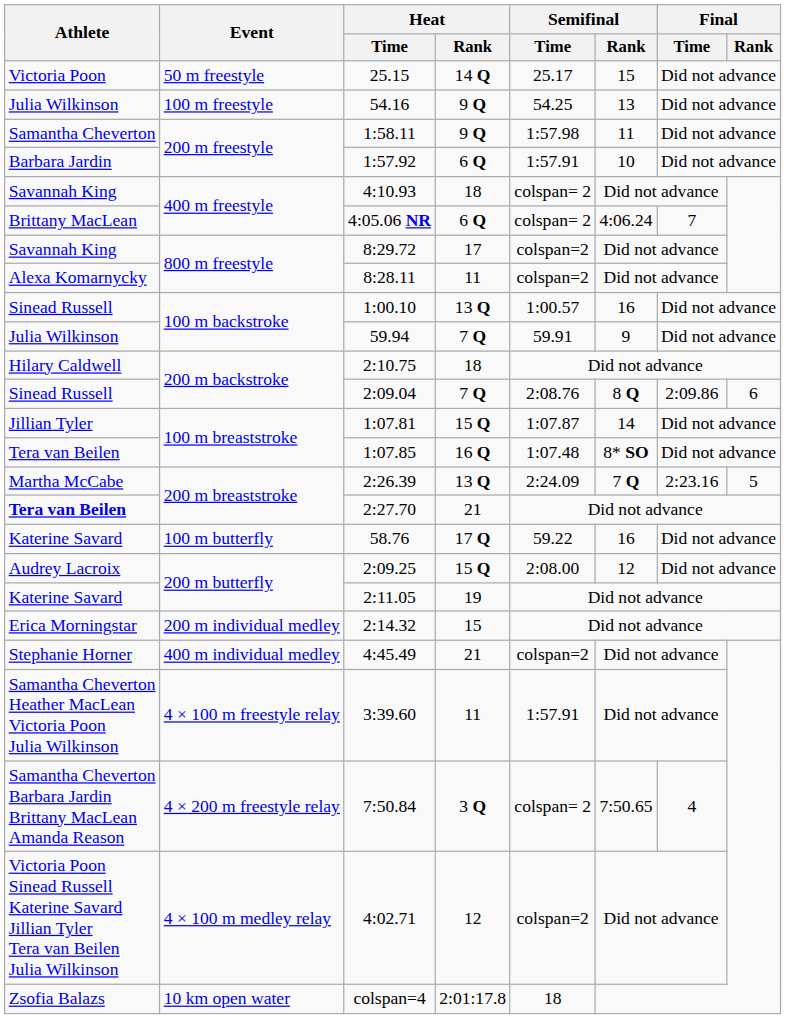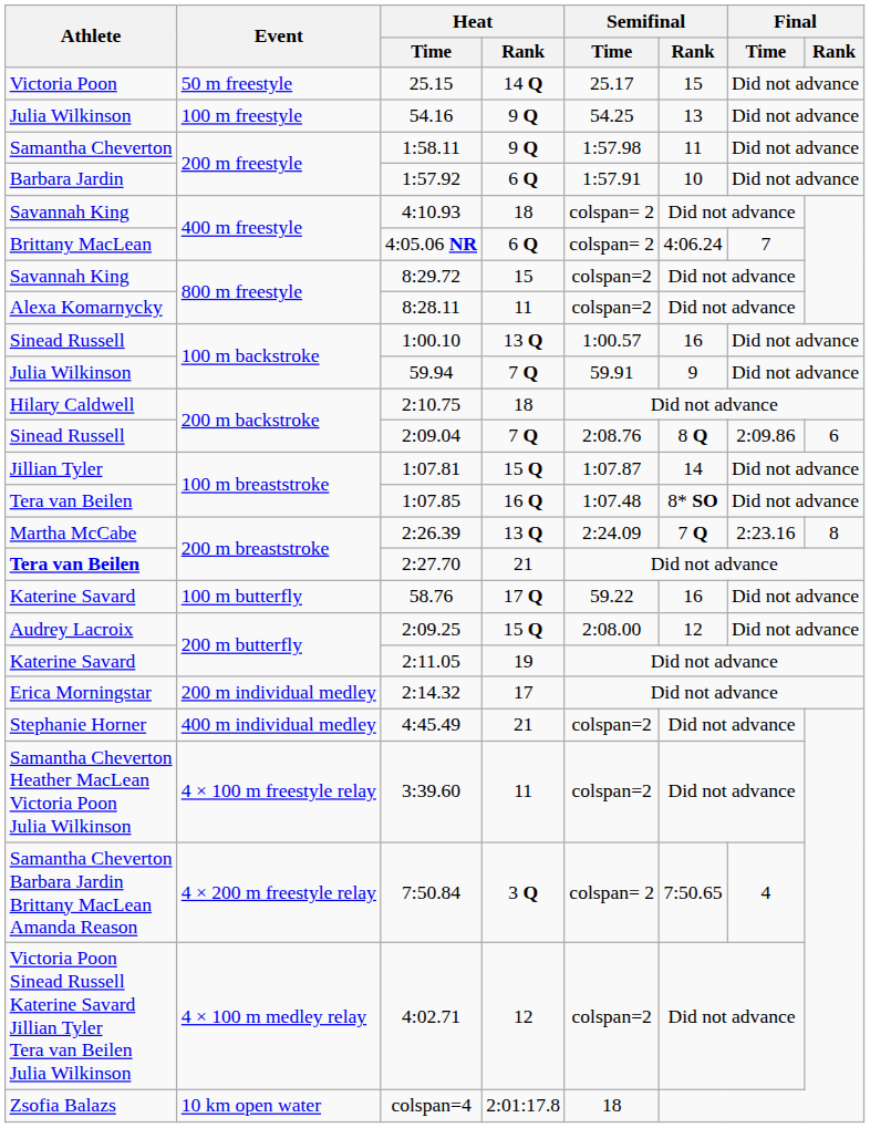 <table class=wikitable style="font-size:90%">
 <tr>
 <th rowspan=2>Athlete</th>
 <th rowspan=2>Event</th>
 <th colspan="2">Heat</th>
 <th colspan="2">Semifinal</th>
 <th colspan="2">Final</th>
 </tr>
 <tr style="font-size:95%">
 <th>Time</th>
 <th>Rank</th>
 <th>Time</th>
 <th>Rank</th>
 <th>Time</th>
 <th>Rank</th>
 </tr>
 <tr align=center>
 <td align=left><a href='#'>Victoria Poon</a></td>
 <td align=left><a href='#'>50 m freestyle</a></td>
 <td>25.15</td>
 <td>14 <strong>Q</strong></td>
 <td>25.17</td>
 <td>15</td>
 <td colspan=2>Did not advance</td>
 </tr>
 <tr align=center>
 <td align=left><a href='#'>Julia Wilkinson</a></td>
 <td align=left><a href='#'>100 m freestyle</a></td>
 <td>54.16</td>
 <td>9 <strong>Q</strong></td>
 <td>54.25</td>
 <td>13</td>
 <td colspan=2>Did not advance</td>
 </tr>
 <tr align=center>
 <td align=left><a href='#'>Samantha Cheverton</a></td>
 <td align=left rowspan=2><a href='#'>200 m freestyle</a></td>
 <td>1:58.11</td>
 <td>9 <strong>Q</strong></td>
 <td>1:57.98</td>
 <td>11</td>
 <td colspan=2>Did not advance</td>
 </tr>
 <tr align=center>
 <td align=left><a href='#'>Barbara Jardin</a></td>
 <td>1:57.92</td>
 <td>6 <strong>Q</strong></td>
 <td>1:57.91</td>
 <td>10</td>
 <td colspan=2>Did not advance</td>
 </tr>
 <tr align=center>
 <td align=left><a href='#'>Savannah King</a></td>
 <td align=left rowspan=2><a href='#'>400 m freestyle</a></td>
 <td>4:10.93</td>
 <td>18</td>
 <td>colspan= 2 </td>
 <td colspan= 2>Did not advance</td>
 </tr>
 <tr align=center>
 <td align=left><a href='#'>Brittany MacLean</a></td>
 <td>4:05.06 <strong><a href='#'>NR</a></strong></td>
 <td>6 <strong>Q</strong></td>
 <td>colspan= 2 </td>
 <td>4:06.24</td>
 <td>7</td>
 </tr>
 <tr align=center>
 <td align=left><a href='#'>Savannah King</a></td>
 <td align=left rowspan=2><a href='#'>800 m freestyle</a></td>
 <td>8:29.72</td>
-<td>17</td>
+<td>15</td>
 <td>colspan=2 </td>
 <td colspan=2>Did not advance</td>
 </tr>
 <tr align=center>
 <td align=left><a href='#'>Alexa Komarnycky</a></td>
 <td>8:28.11</td>
 <td>11</td>
 <td>colspan=2 </td>
 <td colspan=2>Did not advance</td>
 </tr>
 <tr align=center>
 <td align=left><a href='#'>Sinead Russell</a></td>
 <td align=left rowspan=2><a href='#'>100 m backstroke</a></td>
 <td>1:00.10</td>
 <td>13 <strong>Q</strong></td>
 <td>1:00.57</td>
 <td>16</td>
 <td colspan=2>Did not advance</td>
 </tr>
 <tr align=center>
 <td align=left><a href='#'>Julia Wilkinson</a></td>
 <td>59.94</td>
 <td>7 <strong>Q</strong></td>
 <td>59.91</td>
 <td>9</td>
 <td colspan=2>Did not advance</td>
 </tr>
 <tr align=center>
 <td align=left><a href='#'>Hilary Caldwell</a></td>
 <td align=left rowspan=2><a href='#'>200 m backstroke</a></td>
 <td>2:10.75</td>
 <td>18</td>
 <td colspan=4>Did not advance</td>
 </tr>
 <tr align=center>
 <td align=left><a href='#'>Sinead Russell</a></td>
 <td>2:09.04</td>
 <td>7 <strong>Q</strong></td>
 <td>2:08.76</td>
 <td>8 <strong>Q</strong></td>
 <td>2:09.86</td>
 <td>6</td>
 </tr>
 <tr align=center>
 <td align=left><a href='#'>Jillian Tyler</a></td>
 <td align=left rowspan=2><a href='#'>100 m breaststroke</a></td>
 <td>1:07.81</td>
 <td>15 <strong>Q</strong></td>
 <td>1:07.87</td>
 <td>14</td>
 <td colspan=2>Did not advance</td>
 </tr>
 <tr align=center>
 <td align=left><a href='#'>Tera van Beilen</a></td>
 <td>1:07.85</td>
 <td>16 <strong>Q</strong></td>
 <td>1:07.48</td>
 <td>8* <strong>SO</strong></td>
 <td colspan=2>Did not advance</td>
 </tr>
 <tr align=center>
 <td align=left><a href='#'>Martha McCabe</a></td>
 <td align=left rowspan=2><a href='#'>200 m breaststroke</a></td>
 <td>2:26.39</td>
 <td>13 <strong>Q</strong></td>
 <td>2:24.09</td>
 <td>7 <strong>Q</strong></td>
 <td>2:23.16</td>
-<td>5</td>
+<td>8</td>
 </tr>
 <tr align=center>
 <td align=left><strong><a href='#'>Tera van Beilen</a></strong></td>
 <td>2:27.70</td>
 <td>21</td>
 <td colspan=4>Did not advance</td>
 </tr>
 <tr align=center>
 <td align=left><a href='#'>Katerine Savard</a></td>
 <td align=left><a href='#'>100 m butterfly</a></td>
 <td>58.76</td>
 <td>17 <strong>Q</strong></td>
 <td>59.22</td>
 <td>16</td>
 <td colspan=2>Did not advance</td>
 </tr>
 <tr align=center>
 <td align=left><a href='#'>Audrey Lacroix</a></td>
 <td align=left rowspan=2><a href='#'>200 m butterfly</a></td>
 <td>2:09.25</td>
 <td>15 <strong>Q</strong></td>
 <td>2:08.00</td>
 <td>12</td>
 <td colspan=2>Did not advance</td>
 </tr>
 <tr align=center>
 <td align=left><a href='#'>Katerine Savard</a></td>
 <td>2:11.05</td>
 <td>19</td>
 <td colspan=4>Did not advance</td>
 </tr>
 <tr align=center>
 <td align=left><a href='#'>Erica Morningstar</a></td>
 <td align=left><a href='#'>200 m individual medley</a></td>
 <td>2:14.32</td>
-<td>15</td>
+<td>17</td>
 <td colspan=4>Did not advance</td>
 </tr>
 <tr align=center>
 <td align=left><a href='#'>Stephanie Horner</a></td>
 <td align=left><a href='#'>400 m individual medley</a></td>
 <td>4:45.49</td>
 <td>21</td>
 <td>colspan=2 </td>
 <td colspan=2>Did not advance</td>
 </tr>
 <tr align=center>
 <td align=left><a href='#'>Samantha Cheverton</a><br><a href='#'>Heather MacLean</a><br><a href='#'>Victoria Poon</a><br><a href='#'>Julia Wilkinson</a></td>
 <td align=left><a href='#'>4 × 100 m freestyle relay</a></td>
 <td>3:39.60</td>
 <td>11</td>
-<td>1:57.91</td>
+<td>colspan=2 </td>
 <td colspan=2>Did not advance</td>
 </tr>
 <tr align=center>
 <td align=left><a href='#'>Samantha Cheverton</a><br><a href='#'>Barbara Jardin</a><br><a href='#'>Brittany MacLean</a><br><a href='#'>Amanda Reason</a></td>
 <td align=left><a href='#'>4 × 200 m freestyle relay</a></td>
 <td>7:50.84</td>
 <td>3 <strong>Q</strong></td>
 <td>colspan= 2 </td>
 <td>7:50.65</td>
 <td>4</td>
 </tr>
 <tr align=center>
 <td align=left><a href='#'>Victoria Poon</a><br><a href='#'>Sinead Russell</a><br><a href='#'>Katerine Savard</a><br><a href='#'>Jillian Tyler</a><br><a href='#'>Tera van Beilen</a><br><a href='#'>Julia Wilkinson</a></td>
 <td align=left><a href='#'>4 × 100 m medley relay</a></td>
 <td>4:02.71</td>
 <td>12</td>
 <td>colspan=2 </td>
 <td colspan=2>Did not advance</td>
 </tr>
 <tr align=center>
 <td align=left><a href='#'>Zsofia Balazs</a></td>
 <td align=left><a href='#'>10 km open water</a></td>
 <td>colspan=4 </td>
 <td>2:01:17.8</td>
 <td>18</td>
 </tr>
 </table>
